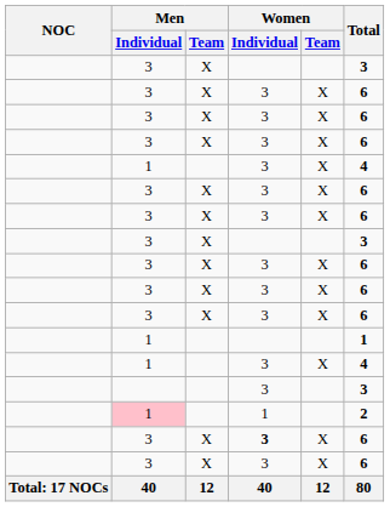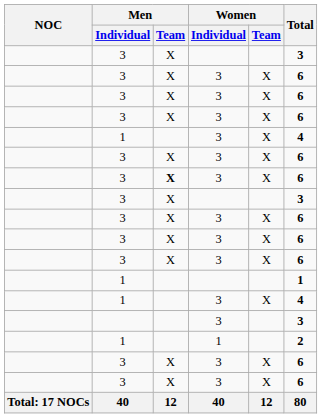 <table class="wikitable" style="text-align:center; font-size:90%">
 <tr>
 <th rowspan="2">NOC</th>
 <th colspan="2">Men</th>
 <th colspan="2">Women</th>
 <th rowspan="2">Total</th>
 </tr>
 <tr>
 <th><a href='#'>Individual</a></th>
 <th><a href='#'>Team</a></th>
 <th><a href='#'>Individual</a></th>
 <th><a href='#'>Team</a></th>
 </tr>
 <tr>
 <td style="text-align:left;"></td>
 <td>3</td>
 <td>X</td>
 <td></td>
 <td></td>
 <td><strong>3</strong></td>
 </tr>
 <tr>
 <td style="text-align:left;"></td>
 <td>3</td>
 <td>X</td>
 <td>3</td>
 <td>X</td>
 <td><strong>6</strong></td>
 </tr>
 <tr>
 <td style="text-align:left;"></td>
 <td>3</td>
 <td>X</td>
 <td>3</td>
 <td>X</td>
 <td><strong>6</strong></td>
 </tr>
 <tr>
 <td style="text-align:left;"></td>
 <td>3</td>
 <td>X</td>
 <td>3</td>
 <td>X</td>
 <td><strong>6</strong></td>
 </tr>
 <tr>
 <td style="text-align:left;"></td>
 <td>1</td>
 <td></td>
 <td>3</td>
 <td>X</td>
 <td><strong>4</strong></td>
 </tr>
 <tr>
 <td style="text-align:left;"></td>
 <td>3</td>
 <td>X</td>
 <td>3</td>
 <td>X</td>
 <td><strong>6</strong></td>
 </tr>
 <tr>
 <td style="text-align:left;"></td>
 <td>3</td>
-<td>X</td>
+<td><strong>X</strong></td>
 <td>3</td>
 <td>X</td>
 <td><strong>6</strong></td>
 </tr>
 <tr>
 <td style="text-align:left;"></td>
 <td>3</td>
 <td>X</td>
 <td></td>
 <td></td>
 <td><strong>3</strong></td>
 </tr>
 <tr>
 <td style="text-align:left;"></td>
 <td>3</td>
 <td>X</td>
 <td>3</td>
 <td>X</td>
 <td><strong>6</strong></td>
 </tr>
 <tr>
 <td style="text-align:left;"></td>
 <td>3</td>
 <td>X</td>
 <td>3</td>
 <td>X</td>
 <td><strong>6</strong></td>
 </tr>
 <tr>
 <td style="text-align:left;"></td>
 <td>3</td>
 <td>X</td>
 <td>3</td>
 <td>X</td>
 <td><strong>6</strong></td>
 </tr>
 <tr>
 <td style="text-align:left;"></td>
 <td>1</td>
 <td></td>
 <td></td>
 <td></td>
 <td><strong>1</strong></td>
 </tr>
 <tr>
 <td style="text-align:left;"></td>
 <td>1</td>
 <td></td>
 <td>3</td>
 <td>X</td>
 <td><strong>4</strong></td>
 </tr>
 <tr>
 <td style="text-align:left;"></td>
 <td></td>
 <td></td>
 <td>3</td>
 <td></td>
 <td><strong>3</strong></td>
 </tr>
 <tr>
 <td style="text-align:left;"></td>
-<td style="background: pink;">1</td>
+<td>1</td>
 <td></td>
 <td>1</td>
 <td></td>
 <td><strong>2</strong></td>
 </tr>
 <tr>
 <td style="text-align:left;"></td>
 <td>3</td>
 <td>X</td>
-<td><strong>3</strong></td>
+<td>3</td>
 <td>X</td>
 <td><strong>6</strong></td>
 </tr>
 <tr>
 <td style="text-align:left;"></td>
 <td>3</td>
 <td>X</td>
 <td>3</td>
 <td>X</td>
 <td><strong>6</strong></td>
 </tr>
 <tr>
 <th>Total: 17 NOCs</th>
 <th>40</th>
 <th>12</th>
 <th>40</th>
 <th>12</th>
 <th>80</th>
 </tr>
 </table>
